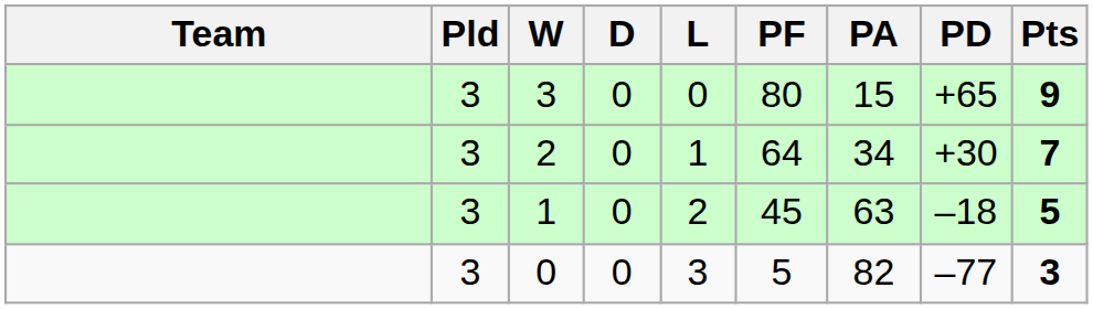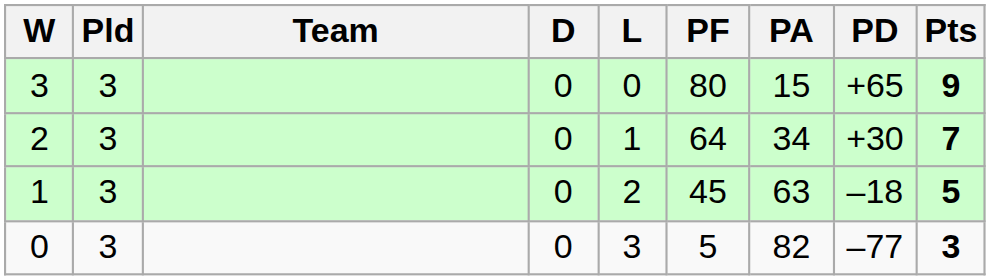 <table class="wikitable" style="text-align:center;">
 <tr>
+<th width=25 abbr="Won">W</th>
+<th width=25 abbr="Played">Pld</th>
 <th width=175>Team</th>
-<th width=25 abbr="Played">Pld</th>
-<th width=25 abbr="Won">W</th>
 <th width=25 abbr="Drawn">D</th>
 <th width=25 abbr="Lost">L</th>
 <th width=32 abbr="Points for">PF</th>
 <th width=32 abbr="Points against">PA</th>
 <th width=32 abbr="Points difference">PD</th>
 <th width=25 abbr="Points">Pts</th>
 </tr>
 <tr bgcolor=ccffcc>
-<td align=left></td>
 <td>3</td>
 <td>3</td>
+<td align=left></td>
 <td>0</td>
 <td>0</td>
 <td>80</td>
 <td>15</td>
 <td>+65</td>
 <td><strong>9</strong></td>
 </tr>
 <tr bgcolor=ccffcc>
+<td>2</td>
+<td>3</td>
 <td align=left></td>
-<td>3</td>
-<td>2</td>
 <td>0</td>
 <td>1</td>
 <td>64</td>
 <td>34</td>
 <td>+30</td>
 <td><strong>7</strong></td>
 </tr>
 <tr bgcolor=ccffcc>
+<td>1</td>
+<td>3</td>
 <td align=left></td>
-<td>3</td>
-<td>1</td>
 <td>0</td>
 <td>2</td>
 <td>45</td>
 <td>63</td>
 <td>–18</td>
 <td><strong>5</strong></td>
 </tr>
 <tr>
+<td>0</td>
+<td>3</td>
 <td align=left></td>
-<td>3</td>
-<td>0</td>
 <td>0</td>
 <td>3</td>
 <td>5</td>
 <td>82</td>
 <td>–77</td>
 <td><strong>3</strong></td>
 </tr>
 </table>
